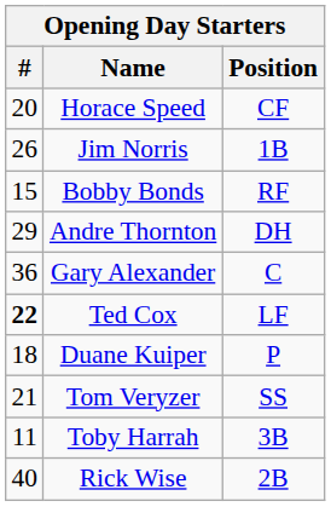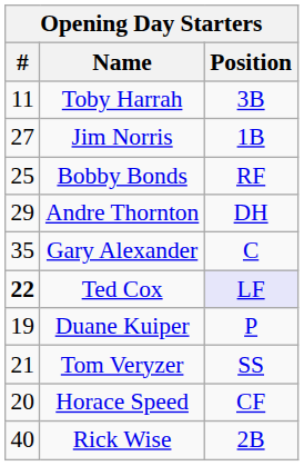 <table class="wikitable" style="text-align:center">
 <tr>
 <th colspan="3">Opening Day Starters</th>
 </tr>
 <tr>
 <th>#</th>
 <th>Name</th>
 <th>Position</th>
 </tr>
 <tr>
-<td>20</td>
-<td><a href='#'>Horace Speed</a></td>
-<td><a href='#'>CF</a></td>
+<td>11</td>
+<td><a href='#'>Toby Harrah</a></td>
+<td><a href='#'>3B</a></td>
 </tr>
 <tr>
-<td>26</td>
+<td>27</td>
 <td><a href='#'>Jim Norris</a></td>
 <td><a href='#'>1B</a></td>
 </tr>
 <tr>
-<td>15</td>
+<td>25</td>
 <td><a href='#'>Bobby Bonds</a></td>
 <td><a href='#'>RF</a></td>
 </tr>
 <tr>
 <td>29</td>
 <td><a href='#'>Andre Thornton</a></td>
 <td><a href='#'>DH</a></td>
 </tr>
 <tr>
-<td>36</td>
+<td>35</td>
 <td><a href='#'>Gary Alexander</a></td>
 <td><a href='#'>C</a></td>
 </tr>
 <tr>
 <td><strong>22</strong></td>
 <td><a href='#'>Ted Cox</a></td>
-<td><a href='#'>LF</a></td>
+<td style="background: lavender;"><a href='#'>LF</a></td>
 </tr>
 <tr>
-<td>18</td>
+<td>19</td>
 <td><a href='#'>Duane Kuiper</a></td>
 <td><a href='#'>P</a></td>
 </tr>
 <tr>
 <td>21</td>
 <td><a href='#'>Tom Veryzer</a></td>
 <td><a href='#'>SS</a></td>
 </tr>
 <tr>
-<td>11</td>
-<td><a href='#'>Toby Harrah</a></td>
-<td><a href='#'>3B</a></td>
+<td>20</td>
+<td><a href='#'>Horace Speed</a></td>
+<td><a href='#'>CF</a></td>
 </tr>
 <tr>
 <td>40</td>
 <td><a href='#'>Rick Wise</a></td>
 <td><a href='#'>2B</a></td>
 </tr>
 </table>
